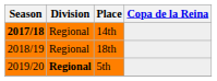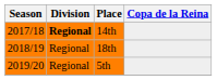 <table class="wikitable">
 <tr style="background:#f0f6fa;">
 <th>Season</th>
 <th>Division</th>
 <th>Place</th>
 <th><a href='#'>Copa de la Reina</a></th>
 </tr>
 <tr>
-<td style="background:#FF7F00;"><strong>2017/18</strong></td>
-<td style="background:#FF7F00;">Regional</td>
+<td style="background:#FF7F00;">2017/18</td>
+<td style="background:#FF7F00;"><strong>Regional</strong></td>
 <td style="background:#FF7F00;">14th</td>
 <th style="background:#efefef;"></th>
 </tr>
 <tr>
 <td style="background:#FF7F00;">2018/19</td>
 <td style="background:#FF7F00;">Regional</td>
 <td style="background:#FF7F00;">18th</td>
 <th style="background:#efefef;"></th>
 </tr>
 <tr>
 <td style="background:#FF7F00;">2019/20</td>
-<td style="background:#FF7F00;"><strong>Regional</strong></td>
+<td style="background:#FF7F00;">Regional</td>
 <td style="background:#FF7F00;">5th</td>
 <th style="background:#efefef;"></th>
 </tr>
 <tr>
 </tr>
 </table>
